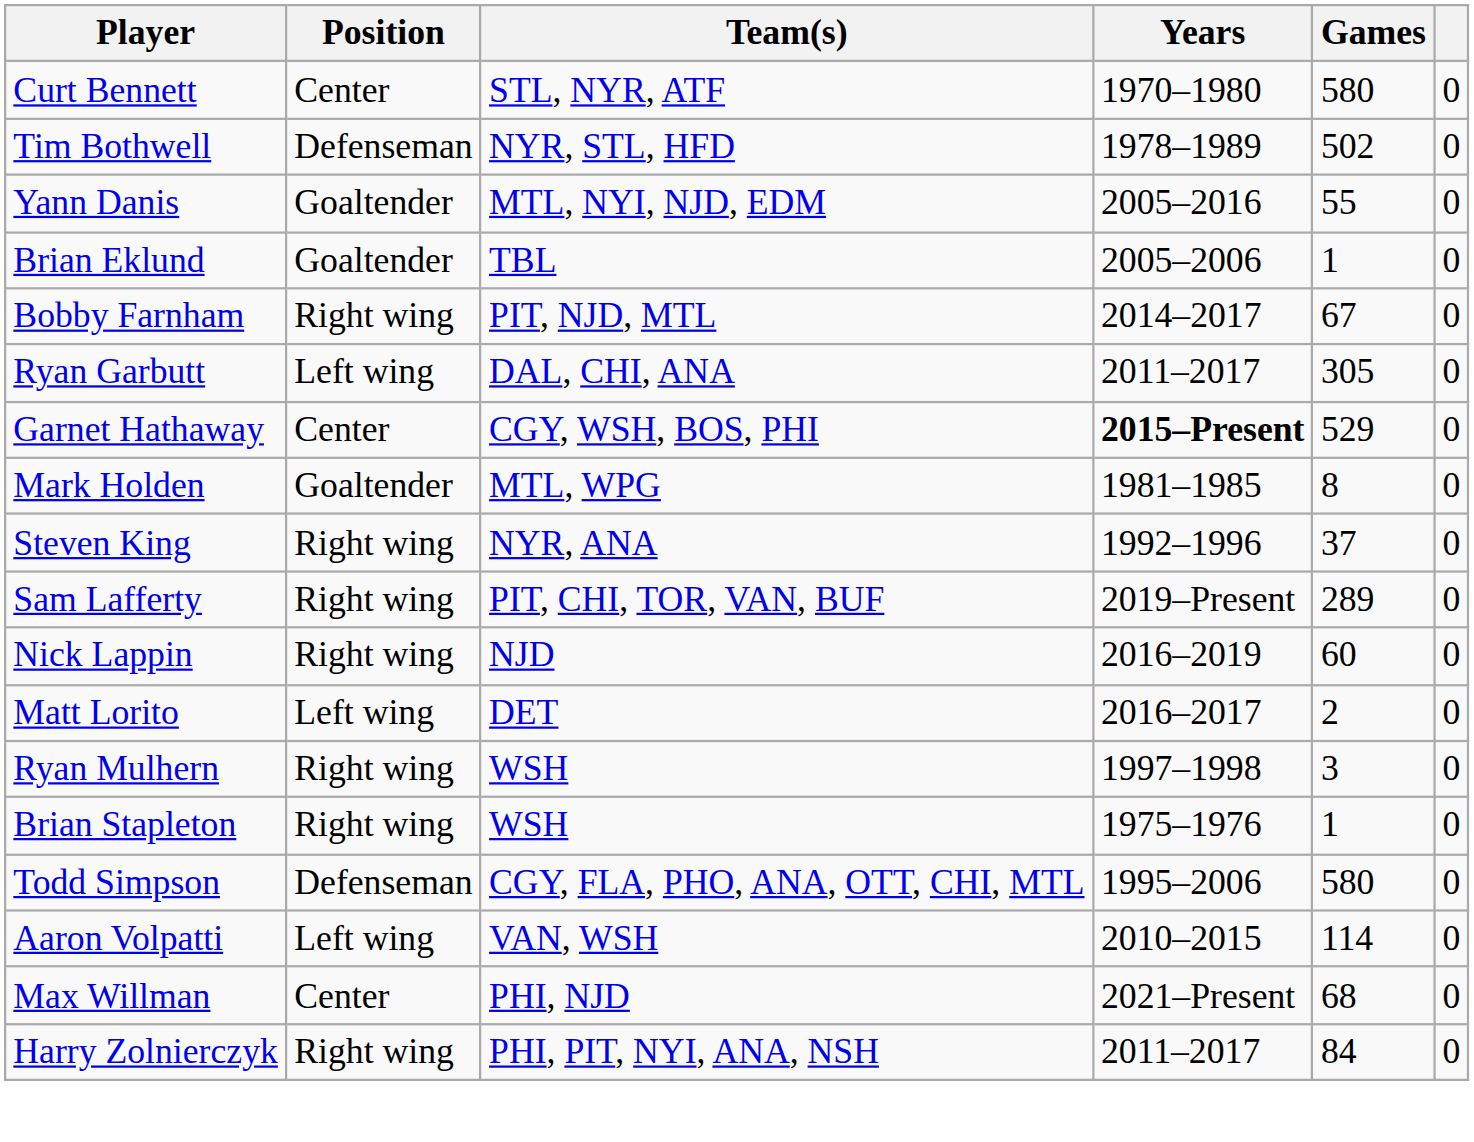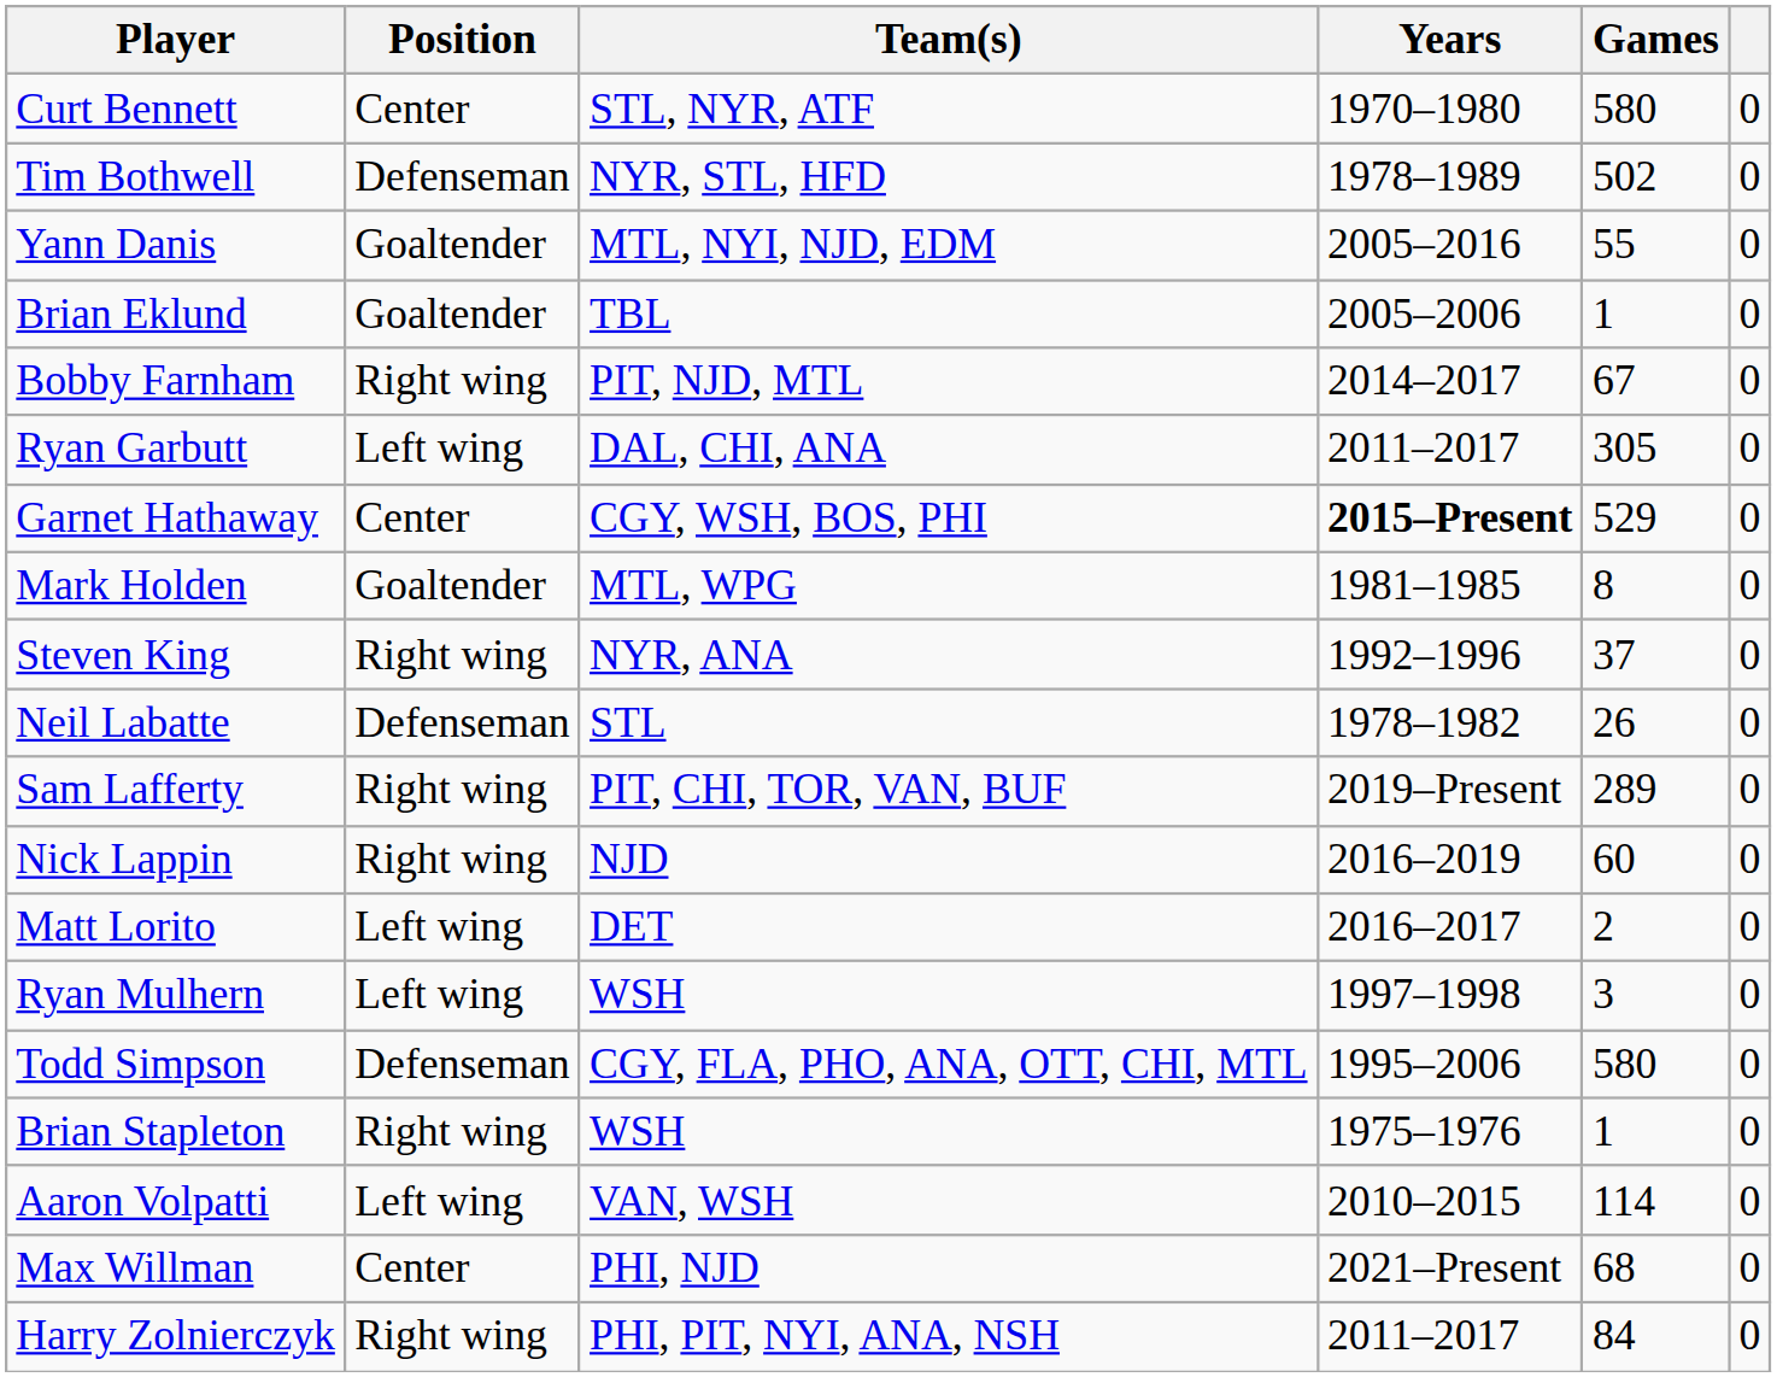 <table class="wikitable sortable">
 <tr>
 <th>Player</th>
 <th>Position</th>
 <th>Team(s)</th>
 <th>Years</th>
 <th>Games</th>
 <th><a href='#'></a></th>
 </tr>
 <tr>
 <td><a href='#'>Curt Bennett</a></td>
 <td>Center</td>
 <td><a href='#'>STL</a>, <a href='#'>NYR</a>, <a href='#'>ATF</a></td>
 <td>1970–1980</td>
 <td>580</td>
 <td>0</td>
 </tr>
 <tr>
 <td><a href='#'>Tim Bothwell</a></td>
 <td>Defenseman</td>
 <td><a href='#'>NYR</a>, <a href='#'>STL</a>, <a href='#'>HFD</a></td>
 <td>1978–1989</td>
 <td>502</td>
 <td>0</td>
 </tr>
 <tr>
 <td><a href='#'>Yann Danis</a></td>
 <td>Goaltender</td>
 <td><a href='#'>MTL</a>, <a href='#'>NYI</a>, <a href='#'>NJD</a>, <a href='#'>EDM</a></td>
 <td>2005–2016</td>
 <td>55</td>
 <td>0</td>
 </tr>
 <tr>
 <td><a href='#'>Brian Eklund</a></td>
 <td>Goaltender</td>
 <td><a href='#'>TBL</a></td>
 <td>2005–2006</td>
 <td>1</td>
 <td>0</td>
 </tr>
 <tr>
 <td><a href='#'>Bobby Farnham</a></td>
 <td>Right wing</td>
 <td><a href='#'>PIT</a>, <a href='#'>NJD</a>, <a href='#'>MTL</a></td>
 <td>2014–2017</td>
 <td>67</td>
 <td>0</td>
 </tr>
 <tr>
 <td><a href='#'>Ryan Garbutt</a></td>
 <td>Left wing</td>
 <td><a href='#'>DAL</a>, <a href='#'>CHI</a>, <a href='#'>ANA</a></td>
 <td>2011–2017</td>
 <td>305</td>
 <td>0</td>
 </tr>
 <tr>
 <td><a href='#'>Garnet Hathaway</a></td>
 <td>Center</td>
 <td><a href='#'>CGY</a>, <a href='#'>WSH</a>, <a href='#'>BOS</a>, <a href='#'>PHI</a></td>
 <td><strong>2015–Present</strong></td>
 <td>529</td>
 <td>0</td>
 </tr>
 <tr>
 <td><a href='#'>Mark Holden</a></td>
 <td>Goaltender</td>
 <td><a href='#'>MTL</a>, <a href='#'>WPG</a></td>
 <td>1981–1985</td>
 <td>8</td>
 <td>0</td>
 </tr>
 <tr>
 <td><a href='#'>Steven King</a></td>
 <td>Right wing</td>
 <td><a href='#'>NYR</a>, <a href='#'>ANA</a></td>
 <td>1992–1996</td>
 <td>37</td>
 <td>0</td>
 </tr>
 <tr>
+<td><a href='#'>Neil Labatte</a></td>
+<td>Defenseman</td>
+<td><a href='#'>STL</a></td>
+<td>1978–1982</td>
+<td>26</td>
+<td>0</td>
+</tr>
+<tr>
 <td><a href='#'>Sam Lafferty</a></td>
 <td>Right wing</td>
 <td><a href='#'>PIT</a>, <a href='#'>CHI</a>, <a href='#'>TOR</a>, <a href='#'>VAN</a>, <a href='#'>BUF</a></td>
 <td>2019–Present</td>
 <td>289</td>
 <td>0</td>
 </tr>
 <tr>
 <td><a href='#'>Nick Lappin</a></td>
 <td>Right wing</td>
 <td><a href='#'>NJD</a></td>
 <td>2016–2019</td>
 <td>60</td>
 <td>0</td>
 </tr>
 <tr>
 <td><a href='#'>Matt Lorito</a></td>
 <td>Left wing</td>
 <td><a href='#'>DET</a></td>
 <td>2016–2017</td>
 <td>2</td>
 <td>0</td>
 </tr>
 <tr>
 <td><a href='#'>Ryan Mulhern</a></td>
-<td>Right wing</td>
+<td>Left wing</td>
 <td><a href='#'>WSH</a></td>
 <td>1997–1998</td>
 <td>3</td>
+<td>0</td>
+</tr>
+<tr>
+<td><a href='#'>Todd Simpson</a></td>
+<td>Defenseman</td>
+<td><a href='#'>CGY</a>, <a href='#'>FLA</a>, <a href='#'>PHO</a>, <a href='#'>ANA</a>, <a href='#'>OTT</a>, <a href='#'>CHI</a>, <a href='#'>MTL</a></td>
+<td>1995–2006</td>
+<td>580</td>
 <td>0</td>
 </tr>
 <tr>
 <td><a href='#'>Brian Stapleton</a></td>
 <td>Right wing</td>
 <td><a href='#'>WSH</a></td>
 <td>1975–1976</td>
 <td>1</td>
-<td>0</td>
-</tr>
-<tr>
-<td><a href='#'>Todd Simpson</a></td>
-<td>Defenseman</td>
-<td><a href='#'>CGY</a>, <a href='#'>FLA</a>, <a href='#'>PHO</a>, <a href='#'>ANA</a>, <a href='#'>OTT</a>, <a href='#'>CHI</a>, <a href='#'>MTL</a></td>
-<td>1995–2006</td>
-<td>580</td>
 <td>0</td>
 </tr>
 <tr>
 <td><a href='#'>Aaron Volpatti</a></td>
 <td>Left wing</td>
 <td><a href='#'>VAN</a>, <a href='#'>WSH</a></td>
 <td>2010–2015</td>
 <td>114</td>
 <td>0</td>
 </tr>
 <tr>
 <td><a href='#'>Max Willman</a></td>
 <td>Center</td>
 <td><a href='#'>PHI</a>, <a href='#'>NJD</a></td>
 <td>2021–Present</td>
 <td>68</td>
 <td>0</td>
 </tr>
 <tr>
 <td><a href='#'>Harry Zolnierczyk</a></td>
 <td>Right wing</td>
 <td><a href='#'>PHI</a>, <a href='#'>PIT</a>, <a href='#'>NYI</a>, <a href='#'>ANA</a>, <a href='#'>NSH</a></td>
 <td>2011–2017</td>
 <td>84</td>
 <td>0</td>
 </tr>
 <tr>
 </tr>
 </table>
